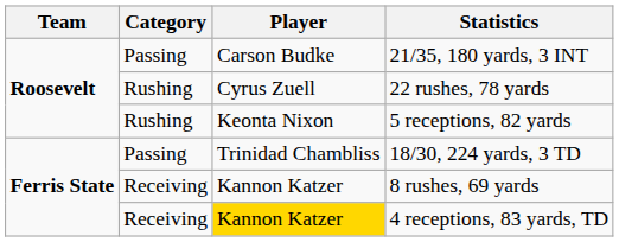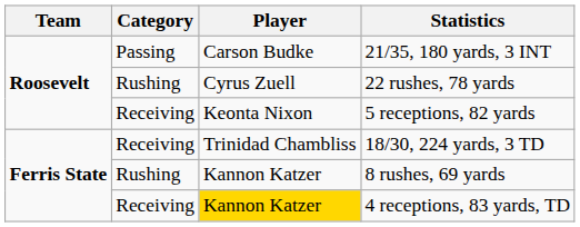 <table class="wikitable" style="float: left;">
 <tr>
 <th>Team</th>
 <th>Category</th>
 <th>Player</th>
 <th>Statistics</th>
 </tr>
 <tr>
 <td rowspan=3><strong>Roosevelt</strong></td>
 <td>Passing</td>
 <td>Carson Budke</td>
 <td>21/35, 180 yards, 3 INT</td>
 </tr>
 <tr>
 <td>Rushing</td>
 <td>Cyrus Zuell</td>
 <td>22 rushes, 78 yards</td>
 </tr>
 <tr>
-<td>Rushing</td>
+<td>Receiving</td>
 <td>Keonta Nixon</td>
 <td>5 receptions, 82 yards</td>
 </tr>
 <tr>
 <td rowspan=3><strong>Ferris State</strong></td>
-<td>Passing</td>
+<td>Receiving</td>
 <td>Trinidad Chambliss</td>
 <td>18/30, 224 yards, 3 TD</td>
 </tr>
 <tr>
-<td>Receiving</td>
+<td>Rushing</td>
 <td>Kannon Katzer</td>
 <td>8 rushes, 69 yards</td>
 </tr>
 <tr>
 <td>Receiving</td>
 <td style="background: gold;">Kannon Katzer</td>
 <td>4 receptions, 83 yards, TD</td>
 </tr>
 </table>
